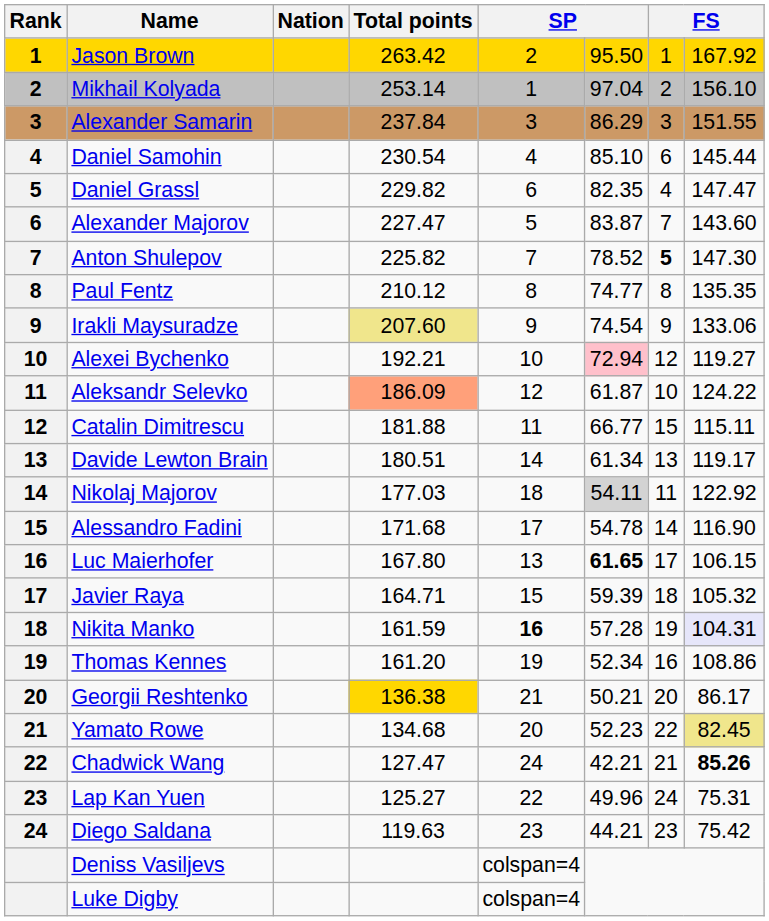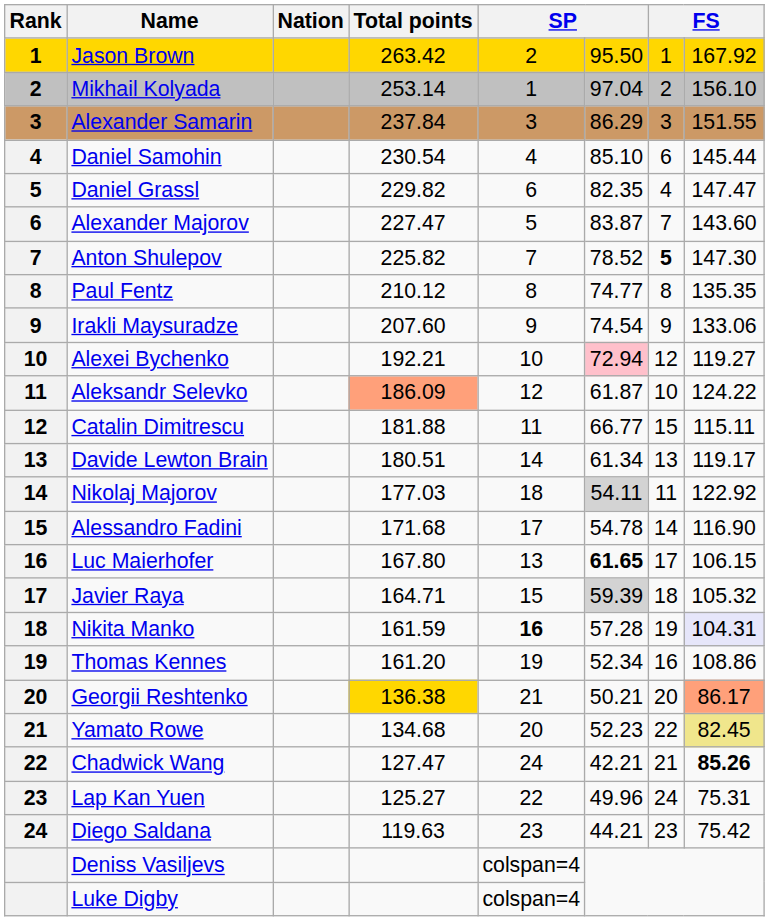 <table class="wikitable sortable">
 <tr>
 <th>Rank</th>
 <th>Name</th>
 <th>Nation</th>
 <th>Total points</th>
 <th colspan="2" width="80px"><a href='#'>SP</a></th>
 <th colspan="2" width="80px"><a href='#'>FS</a></th>
 </tr>
 <tr bgcolor="gold">
 <td align="center"><strong>1</strong></td>
 <td><a href='#'>Jason Brown</a></td>
 <td></td>
 <td align="center">263.42</td>
 <td align="center">2</td>
 <td align="center">95.50</td>
 <td align="center">1</td>
 <td align="center">167.92</td>
 </tr>
 <tr bgcolor="silver">
 <td align="center"><strong>2</strong></td>
 <td><a href='#'>Mikhail Kolyada</a></td>
 <td></td>
 <td align="center">253.14</td>
 <td align="center">1</td>
 <td align="center">97.04</td>
 <td align="center">2</td>
 <td align="center">156.10</td>
 </tr>
 <tr bgcolor="cc9966">
 <td align="center"><strong>3</strong></td>
 <td><a href='#'>Alexander Samarin</a></td>
 <td></td>
 <td align="center">237.84</td>
 <td align="center">3</td>
 <td align="center">86.29</td>
 <td align="center">3</td>
 <td align="center">151.55</td>
 </tr>
 <tr>
 <th>4</th>
 <td><a href='#'>Daniel Samohin</a></td>
 <td></td>
 <td align="center">230.54</td>
 <td align="center">4</td>
 <td align="center">85.10</td>
 <td align="center">6</td>
 <td align="center">145.44</td>
 </tr>
 <tr>
 <th>5</th>
 <td><a href='#'>Daniel Grassl</a></td>
 <td></td>
 <td align="center">229.82</td>
 <td align="center">6</td>
 <td align="center">82.35</td>
 <td align="center">4</td>
 <td align="center">147.47</td>
 </tr>
 <tr>
 <th>6</th>
 <td><a href='#'>Alexander Majorov</a></td>
 <td></td>
 <td align="center">227.47</td>
 <td align="center">5</td>
 <td align="center">83.87</td>
 <td align="center">7</td>
 <td align="center">143.60</td>
 </tr>
 <tr>
 <th>7</th>
 <td><a href='#'>Anton Shulepov</a></td>
 <td></td>
 <td align="center">225.82</td>
 <td align="center">7</td>
 <td align="center">78.52</td>
 <td align="center"><strong>5</strong></td>
 <td align="center">147.30</td>
 </tr>
 <tr>
 <th>8</th>
 <td><a href='#'>Paul Fentz</a></td>
 <td></td>
 <td align="center">210.12</td>
 <td align="center">8</td>
 <td align="center">74.77</td>
 <td align="center">8</td>
 <td align="center">135.35</td>
 </tr>
 <tr>
 <th>9</th>
 <td><a href='#'>Irakli Maysuradze</a></td>
 <td></td>
-<td align="center" style="background: khaki;">207.60</td>
+<td align="center">207.60</td>
 <td align="center">9</td>
 <td align="center">74.54</td>
 <td align="center">9</td>
 <td align="center">133.06</td>
 </tr>
 <tr>
 <th>10</th>
 <td><a href='#'>Alexei Bychenko</a></td>
 <td></td>
 <td align="center">192.21</td>
 <td align="center">10</td>
 <td align="center" style="background: pink;">72.94</td>
 <td align="center">12</td>
 <td align="center">119.27</td>
 </tr>
 <tr>
 <th>11</th>
 <td><a href='#'>Aleksandr Selevko</a></td>
 <td></td>
 <td align="center" style="background: lightsalmon;">186.09</td>
 <td align="center">12</td>
 <td align="center">61.87</td>
 <td align="center">10</td>
 <td align="center">124.22</td>
 </tr>
 <tr>
 <th>12</th>
 <td><a href='#'>Catalin Dimitrescu</a></td>
 <td></td>
 <td align="center">181.88</td>
 <td align="center">11</td>
 <td align="center">66.77</td>
 <td align="center">15</td>
 <td align="center">115.11</td>
 </tr>
 <tr>
 <th>13</th>
 <td><a href='#'>Davide Lewton Brain</a></td>
 <td></td>
 <td align="center">180.51</td>
 <td align="center">14</td>
 <td align="center">61.34</td>
 <td align="center">13</td>
 <td align="center">119.17</td>
 </tr>
 <tr>
 <th>14</th>
 <td><a href='#'>Nikolaj Majorov</a></td>
 <td></td>
 <td align="center">177.03</td>
 <td align="center">18</td>
 <td align="center" style="background: lightgrey;">54.11</td>
 <td align="center">11</td>
 <td align="center">122.92</td>
 </tr>
 <tr>
 <th>15</th>
 <td><a href='#'>Alessandro Fadini</a></td>
 <td></td>
 <td align="center">171.68</td>
 <td align="center">17</td>
 <td align="center">54.78</td>
 <td align="center">14</td>
 <td align="center">116.90</td>
 </tr>
 <tr>
 <th>16</th>
 <td><a href='#'>Luc Maierhofer</a></td>
 <td></td>
 <td align="center">167.80</td>
 <td align="center">13</td>
 <td align="center"><strong>61.65</strong></td>
 <td align="center">17</td>
 <td align="center">106.15</td>
 </tr>
 <tr>
 <th>17</th>
 <td><a href='#'>Javier Raya</a></td>
 <td></td>
 <td align="center">164.71</td>
 <td align="center">15</td>
-<td align="center">59.39</td>
+<td align="center" style="background: lightgrey;">59.39</td>
 <td align="center">18</td>
 <td align="center">105.32</td>
 </tr>
 <tr>
 <th>18</th>
 <td><a href='#'>Nikita Manko</a></td>
 <td></td>
 <td align="center">161.59</td>
 <td align="center"><strong>16</strong></td>
 <td align="center">57.28</td>
 <td align="center">19</td>
 <td align="center" style="background: lavender;">104.31</td>
 </tr>
 <tr>
 <th>19</th>
 <td><a href='#'>Thomas Kennes</a></td>
 <td></td>
 <td align="center">161.20</td>
 <td align="center">19</td>
 <td align="center">52.34</td>
 <td align="center">16</td>
 <td align="center">108.86</td>
 </tr>
 <tr>
 <th>20</th>
 <td><a href='#'>Georgii Reshtenko</a></td>
 <td></td>
 <td align="center" style="background: gold;">136.38</td>
 <td align="center">21</td>
 <td align="center">50.21</td>
 <td align="center">20</td>
-<td align="center">86.17</td>
+<td align="center" style="background: lightsalmon;">86.17</td>
 </tr>
 <tr>
 <th>21</th>
 <td><a href='#'>Yamato Rowe</a></td>
 <td></td>
 <td align="center">134.68</td>
 <td align="center">20</td>
 <td align="center">52.23</td>
 <td align="center">22</td>
 <td align="center" style="background: khaki;">82.45</td>
 </tr>
 <tr>
 <th>22</th>
 <td><a href='#'>Chadwick Wang</a></td>
 <td></td>
 <td align="center">127.47</td>
 <td align="center">24</td>
 <td align="center">42.21</td>
 <td align="center">21</td>
 <td align="center"><strong>85.26</strong></td>
 </tr>
 <tr>
 <th>23</th>
 <td><a href='#'>Lap Kan Yuen</a></td>
 <td></td>
 <td align="center">125.27</td>
 <td align="center">22</td>
 <td align="center">49.96</td>
 <td align="center">24</td>
 <td align="center">75.31</td>
 </tr>
 <tr>
 <th>24</th>
 <td><a href='#'>Diego Saldana</a></td>
 <td></td>
 <td align="center">119.63</td>
 <td align="center">23</td>
 <td align="center">44.21</td>
 <td align="center">23</td>
 <td align="center">75.42</td>
 </tr>
 <tr>
 <th></th>
 <td><a href='#'>Deniss Vasiljevs</a></td>
 <td></td>
 <td></td>
 <td>colspan=4 </td>
 </tr>
 <tr>
 <th></th>
 <td><a href='#'>Luke Digby</a></td>
 <td></td>
 <td></td>
 <td>colspan=4 </td>
 </tr>
 </table>
